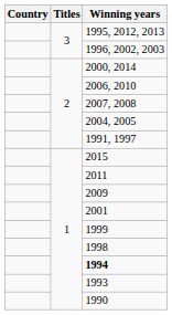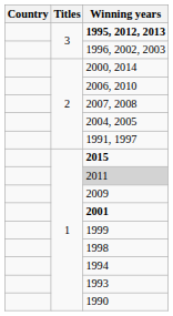 <table class="wikitable">
 <tr>
 <th>Country</th>
 <th>Titles</th>
 <th>Winning years</th>
 </tr>
 <tr>
 <td></td>
 <td rowspan="2" style="text-align:center;">3</td>
-<td>1995, 2012, 2013</td>
+<td><strong>1995, 2012, 2013</strong></td>
 </tr>
 <tr>
 <td></td>
 <td>1996, 2002, 2003</td>
 </tr>
 <tr>
 <td></td>
 <td rowspan="5" style="text-align:center;">2</td>
 <td>2000, 2014</td>
 </tr>
 <tr>
 <td></td>
 <td>2006, 2010</td>
 </tr>
 <tr>
 <td></td>
 <td>2007, 2008</td>
 </tr>
 <tr>
 <td></td>
 <td>2004, 2005</td>
 </tr>
 <tr>
 <td></td>
 <td>1991, 1997</td>
 </tr>
 <tr>
 <td></td>
 <td rowspan="9" style="text-align:center;">1</td>
-<td>2015</td>
+<td><strong>2015</strong></td>
 </tr>
 <tr>
 <td></td>
-<td>2011</td>
+<td style="background: lightgrey;">2011</td>
 </tr>
 <tr>
 <td></td>
 <td>2009</td>
 </tr>
 <tr>
 <td></td>
-<td>2001</td>
+<td><strong>2001</strong></td>
 </tr>
 <tr>
 <td></td>
 <td>1999</td>
 </tr>
 <tr>
 <td></td>
 <td>1998</td>
 </tr>
 <tr>
 <td></td>
-<td><strong>1994</strong></td>
+<td>1994</td>
 </tr>
 <tr>
 <td></td>
 <td>1993</td>
 </tr>
 <tr>
 <td></td>
 <td>1990</td>
 </tr>
 </table>
